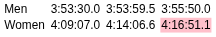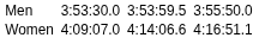 <table>
 <tr>
 <td align="left">Men</td>
 <td></td>
 <td>3:53:30.0</td>
 <td></td>
 <td>3:53:59.5</td>
 <td></td>
 <td>3:55:50.0</td>
 </tr>
 <tr>
 <td align="left">Women</td>
 <td></td>
 <td>4:09:07.0</td>
 <td></td>
 <td>4:14:06.6</td>
 <td></td>
-<td style="background: pink;">4:16:51.1</td>
+<td>4:16:51.1</td>
 </tr>
 </table>
